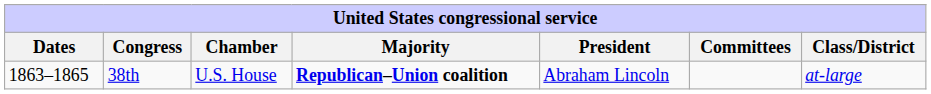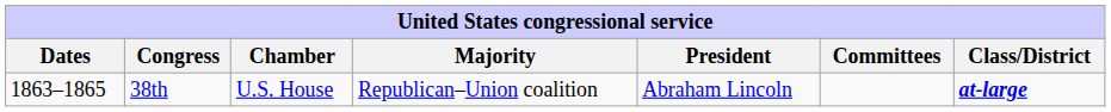 <table class=wikitable style="width: 94%" style="text-align: center;" align="center">
 <tr bgcolor=#cccccc>
 <th colspan=8 style="background: #ccccff;">United States congressional service</th>
 </tr>
 <tr>
 <th><strong>Dates</strong></th>
 <th><strong>Congress</strong></th>
 <th><strong>Chamber</strong></th>
 <th><strong>Majority</strong></th>
 <th><strong>President</strong></th>
 <th><strong>Committees</strong></th>
 <th><strong>Class/District</strong></th>
 </tr>
 <tr>
 <td>1863–1865</td>
 <td><a href='#'>38th</a></td>
 <td><a href='#'>U.S. House</a></td>
-<td><strong><a href='#'>Republican</a>–<a href='#'>Union</a> coalition</strong></td>
+<td><a href='#'>Republican</a>–<a href='#'>Union</a> coalition</td>
 <td><a href='#'>Abraham Lincoln</a></td>
 <td></td>
-<td><a href='#'><em>at-large</em></a></td>
+<td><strong><a href='#'><em>at-large</em></a></strong></td>
 </tr>
 </table>
